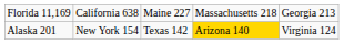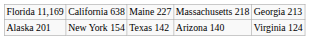 <table class="wikitable">
 <tr>
 <td>Florida 11,169</td>
 <td>California 638</td>
 <td>Maine 227</td>
 <td>Massachusetts 218</td>
 <td>Georgia 213</td>
 </tr>
 <tr>
 <td>Alaska 201</td>
 <td>New York 154</td>
 <td>Texas 142</td>
-<td style="background: gold;">Arizona 140</td>
+<td>Arizona 140</td>
 <td>Virginia 124</td>
 </tr>
 </table>
